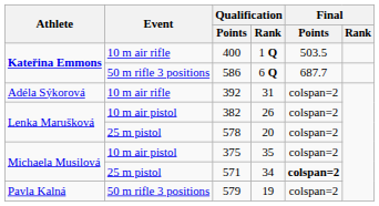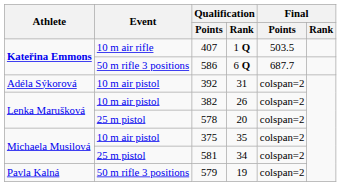 <table class="wikitable" style="font-size:90%">
 <tr>
 <th rowspan="2">Athlete</th>
 <th rowspan="2">Event</th>
 <th colspan=2>Qualification</th>
 <th colspan=2>Final</th>
 </tr>
 <tr style="font-size:95%">
 <th>Points</th>
 <th>Rank</th>
 <th>Points</th>
 <th>Rank</th>
 </tr>
 <tr align=center>
 <td align=left rowspan=2><strong><a href='#'>Kateřina Emmons</a></strong></td>
 <td align=left><a href='#'>10 m air rifle</a></td>
-<td>400 </td>
+<td>407 </td>
 <td>1 <strong>Q</strong></td>
 <td>503.5 </td>
 <td></td>
 </tr>
 <tr align=center>
 <td align=left><a href='#'>50 m rifle 3 positions</a></td>
 <td>586</td>
 <td>6 <strong>Q</strong></td>
 <td>687.7</td>
 <td></td>
 </tr>
 <tr align=center>
 <td align=left><a href='#'>Adéla Sýkorová</a></td>
-<td align=left><a href='#'>10 m air rifle</a></td>
+<td align=left><a href='#'>10 m air pistol</a></td>
 <td>392</td>
 <td>31</td>
 <td>colspan=2 </td>
 </tr>
 <tr align=center>
 <td align=left rowspan=2><a href='#'>Lenka Marušková</a></td>
 <td align=left><a href='#'>10 m air pistol</a></td>
 <td>382</td>
 <td>26</td>
 <td>colspan=2 </td>
 </tr>
 <tr align=center>
 <td align=left><a href='#'>25 m pistol</a></td>
 <td>578</td>
 <td>20</td>
 <td>colspan=2 </td>
 </tr>
 <tr align=center>
 <td align=left rowspan=2><a href='#'>Michaela Musilová</a></td>
 <td align=left><a href='#'>10 m air pistol</a></td>
 <td>375</td>
 <td>35</td>
 <td>colspan=2 </td>
 </tr>
 <tr align=center>
 <td align=left><a href='#'>25 m pistol</a></td>
-<td>571</td>
+<td>581</td>
 <td>34</td>
-<td><strong>colspan=2 </strong></td>
+<td>colspan=2 </td>
 </tr>
 <tr align=center>
 <td align=left><a href='#'>Pavla Kalná</a></td>
 <td align=left><a href='#'>50 m rifle 3 positions</a></td>
 <td>579</td>
 <td>19</td>
 <td>colspan=2 </td>
 </tr>
 </table>
